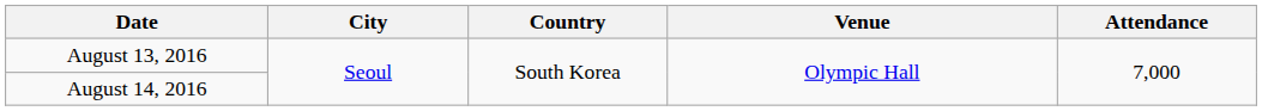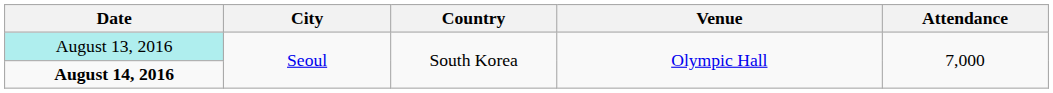 <table class="wikitable" style="text-align:center;">
 <tr>
 <th scope="col" style="width:12em;">Date</th>
 <th scope="col" style="width:9em;">City</th>
 <th scope="col" style="width:9em;">Country</th>
 <th scope="col" style="width:18em;">Venue</th>
 <th scope="col" style="width:9em;">Attendance</th>
 </tr>
 <tr>
-<td>August 13, 2016</td>
+<td style="background: paleturquoise;">August 13, 2016</td>
 <td rowspan="2"><a href='#'>Seoul</a></td>
 <td rowspan="2">South Korea</td>
 <td rowspan="2"><a href='#'>Olympic Hall</a></td>
 <td rowspan="2">7,000</td>
 </tr>
 <tr>
-<td>August 14, 2016</td>
+<td><strong>August 14, 2016</strong></td>
 </tr>
 </table>
